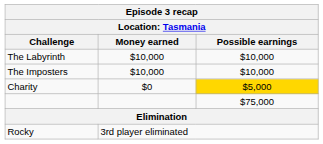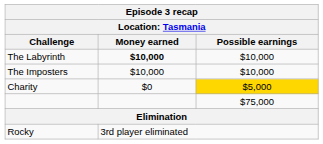 <table class="wikitable" style="font-size: 95%; margin: 10px" align="right" width="40%">
 <tr>
 <th colspan=3>Episode 3 recap</th>
 </tr>
 <tr>
 <th colspan=3>Location: <a href='#'>Tasmania</a></th>
 </tr>
 <tr>
 <th>Challenge</th>
 <th>Money earned</th>
 <th>Possible earnings</th>
 </tr>
 <tr>
 <td>The Labyrinth</td>
-<td align="center">$10,000</td>
+<td align="center"><strong>$10,000</strong></td>
 <td align="center">$10,000</td>
 </tr>
 <tr>
 <td>The Imposters</td>
 <td align="center">$10,000</td>
 <td align="center">$10,000</td>
 </tr>
 <tr>
 <td>Charity</td>
 <td align="center">$0</td>
 <td align="center" style="background: gold;">$5,000</td>
 </tr>
 <tr>
 <td><strong></strong></td>
 <td align="center"><strong></strong></td>
 <td align="center">$75,000</td>
 </tr>
 <tr>
 <th colspan=3>Elimination</th>
 </tr>
 <tr>
 <td>Rocky</td>
 <td colspan=2>3rd player eliminated</td>
 </tr>
 </table>
